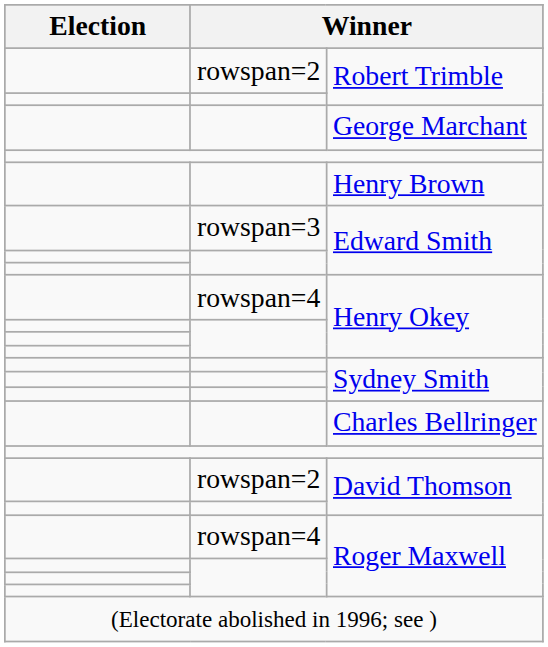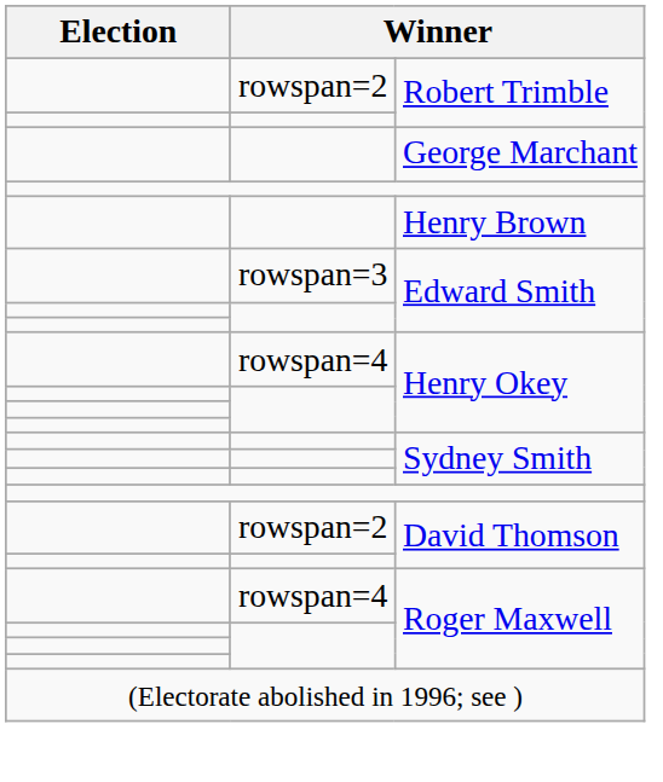 <table class=wikitable>
 <tr>
 <th width=100>Election</th>
 <th width=175 colspan=2>Winner</th>
 </tr>
 <tr>
 <td></td>
 <td>rowspan=2 </td>
 <td rowspan=2><a href='#'>Robert Trimble</a></td>
 </tr>
 <tr>
 <td></td>
 </tr>
 <tr>
 <td></td>
 <td></td>
 <td><a href='#'>George Marchant</a></td>
 </tr>
 <tr>
 <td colspan=3 align=center></td>
 </tr>
 <tr>
 <td></td>
 <td></td>
 <td><a href='#'>Henry Brown</a></td>
 </tr>
 <tr>
 <td></td>
 <td>rowspan=3 </td>
 <td rowspan=3><a href='#'>Edward Smith</a></td>
 </tr>
 <tr>
 <td></td>
 </tr>
 <tr>
 <td></td>
 </tr>
 <tr>
 <td></td>
 <td>rowspan=4 </td>
 <td rowspan=4><a href='#'>Henry Okey</a></td>
 </tr>
 <tr>
 <td></td>
 </tr>
 <tr>
 <td></td>
 </tr>
 <tr>
 <td></td>
 </tr>
 <tr>
 <td></td>
 <td></td>
 <td rowspan=3><a href='#'>Sydney Smith</a></td>
 </tr>
 <tr>
 <td></td>
 <td></td>
 </tr>
 <tr>
 <td></td>
 <td></td>
 </tr>
 <tr>
-<td></td>
-<td></td>
-<td><a href='#'>Charles Bellringer</a></td>
-</tr>
-<tr>
 <td colspan=3 align=center></td>
 </tr>
 <tr>
 <td></td>
 <td>rowspan=2 </td>
 <td rowspan=2><a href='#'>David Thomson</a></td>
 </tr>
 <tr>
 <td></td>
 </tr>
 <tr>
 <td></td>
 <td>rowspan=4 </td>
 <td rowspan=4><a href='#'>Roger Maxwell</a></td>
 </tr>
 <tr>
 <td></td>
 </tr>
 <tr>
 <td></td>
 </tr>
 <tr>
 <td></td>
 </tr>
 <tr>
 <td colspan=3 align=center><small>(Electorate abolished in 1996; see )</small></td>
 </tr>
 </table>
